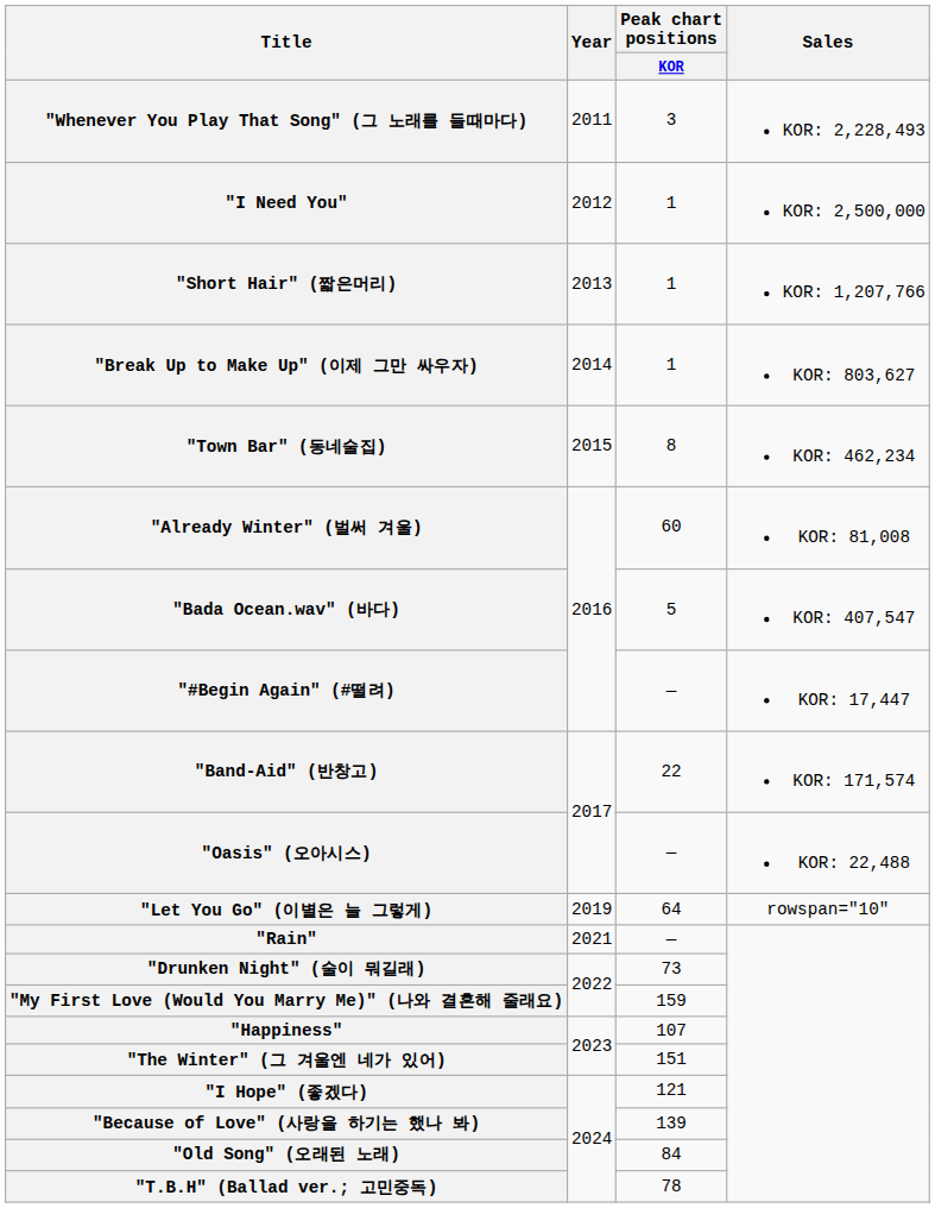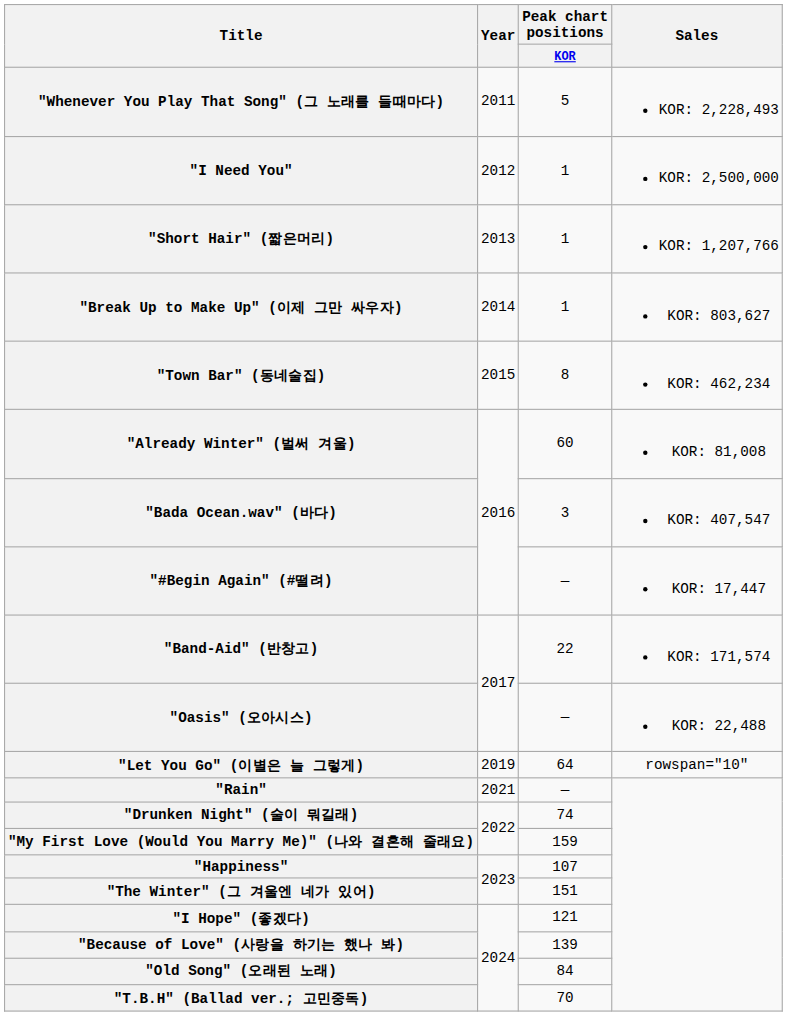 <table class="wikitable plainrowheaders" style="text-align:center;" border="1">
 <tr>
 <th scope="col" rowspan="2">Title</th>
 <th scope="col" rowspan="2">Year</th>
 <th scope="col" colspan="1">Peak chart <br> positions</th>
 <th scope="col" rowspan="2">Sales</th>
 </tr>
 <tr>
 <th><small><a href='#'>KOR</a></small><br></th>
 </tr>
 <tr>
 <th scope="row">"Whenever You Play That Song" (그 노래를 들때마다)<br></th>
 <td>2011</td>
-<td>3</td>
+<td>5</td>
 <td><br><ul><li>KOR: 2,228,493</li></ul></td>
 </tr>
 <tr>
 <th scope="row">"I Need You"<br></th>
 <td>2012</td>
 <td>1</td>
 <td><br><ul><li>KOR: 2,500,000</li></ul></td>
 </tr>
 <tr>
 <th scope="row">"Short Hair" (짧은머리)<br></th>
 <td>2013</td>
 <td>1</td>
 <td><br><ul><li>KOR: 1,207,766</li></ul></td>
 </tr>
 <tr>
 <th scope="row">"Break Up to Make Up" (이제 그만 싸우자)<br></th>
 <td>2014</td>
 <td>1</td>
 <td><br><ul><li>KOR: 803,627</li></ul></td>
 </tr>
 <tr>
 <th scope="row">"Town Bar" (동네술집)<br></th>
 <td>2015</td>
 <td>8</td>
 <td><br><ul><li>KOR: 462,234</li></ul></td>
 </tr>
 <tr>
 <th scope="row">"Already Winter" (벌써 겨울)<br></th>
 <td rowspan="3">2016</td>
 <td>60</td>
 <td><br><ul><li>KOR: 81,008</li></ul></td>
 </tr>
 <tr>
 <th scope="row">"Bada Ocean.wav" (바다)<br></th>
-<td>5</td>
+<td>3</td>
 <td><br><ul><li>KOR: 407,547</li></ul></td>
 </tr>
 <tr>
 <th scope="row">"#Begin Again" (#떨려)<br></th>
 <td>—</td>
 <td><br><ul><li>KOR: 17,447</li></ul></td>
 </tr>
 <tr>
 <th scope="row">"Band-Aid" (반창고)<br></th>
 <td rowspan="2">2017</td>
 <td>22</td>
 <td><br><ul><li>KOR: 171,574</li></ul></td>
 </tr>
 <tr>
 <th scope="row">"Oasis" (오아시스)<br></th>
 <td>—</td>
 <td><br><ul><li>KOR: 22,488</li></ul></td>
 </tr>
 <tr>
 <th scope="row">"Let You Go" (이별은 늘 그렇게)<br></th>
 <td>2019</td>
 <td>64</td>
 <td>rowspan="10" </td>
 </tr>
 <tr>
 <th scope="row">"Rain" <br></th>
 <td>2021</td>
 <td>—</td>
 </tr>
 <tr>
 <th scope="row">"Drunken Night" (술이 뭐길래) <br></th>
 <td rowspan="2">2022</td>
-<td>73</td>
+<td>74</td>
 </tr>
 <tr>
 <th scope="row">"My First Love (Would You Marry Me)" (나와 결혼해 줄래요) <br></th>
 <td>159</td>
 </tr>
 <tr>
 <th scope="row">"Happiness" <br></th>
 <td rowspan="2">2023</td>
 <td>107</td>
 </tr>
 <tr>
 <th scope="row">"The Winter" (그 겨울엔 네가 있어) <br></th>
 <td>151</td>
 </tr>
 <tr>
 <th scope="row">"I Hope" (좋겠다) <br></th>
 <td rowspan="4">2024</td>
 <td>121</td>
 </tr>
 <tr>
 <th scope="row">"Because of Love" (사랑을 하기는 했나 봐) <br></th>
 <td>139</td>
 </tr>
 <tr>
 <th scope="row">"Old Song" (오래된 노래) <br></th>
 <td>84</td>
 </tr>
 <tr>
 <th scope="row">"T.B.H" (Ballad ver.; 고민중독) <br></th>
-<td>78</td>
+<td>70</td>
 </tr>
 </table>
